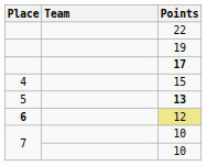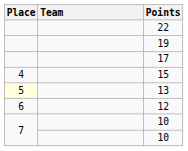 <table class="wikitable" style="text-align:center; padding-bottom:0;">
 <tr>
 <th>Place</th>
 <th style="width:10.5em; text-align:left;">Team</th>
 <th>Points</th>
 </tr>
 <tr>
 <td></td>
 <td align=left></td>
 <td>22</td>
 </tr>
 <tr>
 <td></td>
 <td align=left></td>
 <td>19</td>
 </tr>
 <tr>
 <td></td>
 <td align=left></td>
-<td><strong>17</strong></td>
+<td>17</td>
 </tr>
 <tr>
 <td>4</td>
 <td align=left></td>
 <td>15</td>
 </tr>
 <tr>
-<td>5</td>
+<td style="background: lightyellow;">5</td>
 <td align=left></td>
-<td><strong>13</strong></td>
+<td>13</td>
 </tr>
 <tr>
-<td><strong>6</strong></td>
+<td>6</td>
 <td align=left></td>
-<td style="background: khaki;">12</td>
+<td>12</td>
 </tr>
 <tr>
 <td rowspan=2>7</td>
 <td align=left></td>
 <td>10</td>
 </tr>
 <tr>
 <td align=left></td>
 <td>10</td>
 </tr>
 </table>
